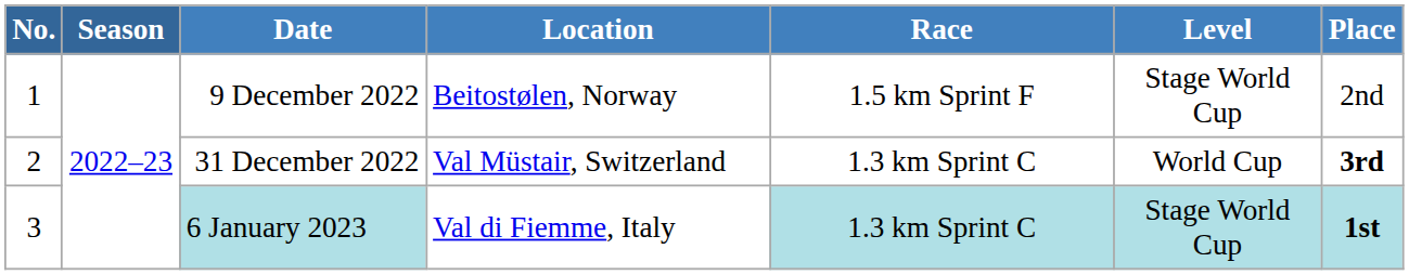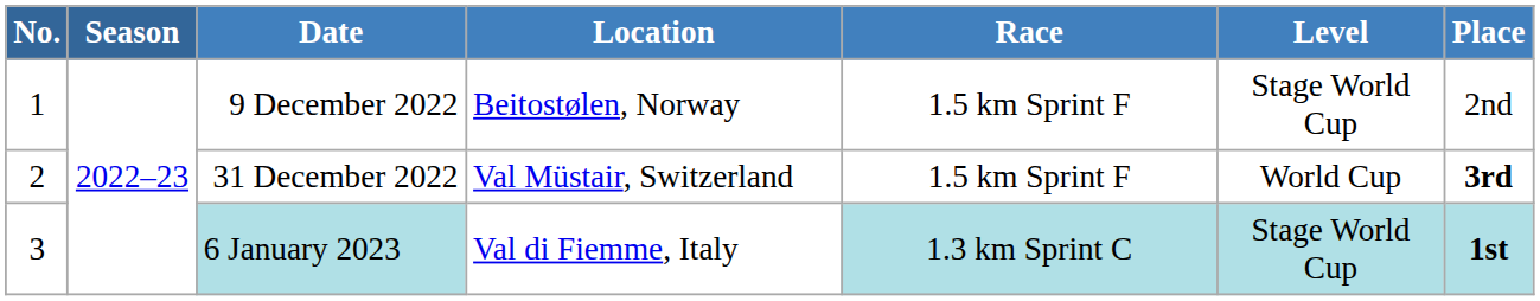 <table class="wikitable sortable" style="font-size:95%; text-align:center; border:grey solid 1px; border-collapse:collapse; background:#ffffff;">
 <tr style="background:#efefef;">
 <th style="background-color:#369; color:white;">No.</th>
 <th style="background-color:#369; color:white;">Season</th>
 <th style="background-color:#4180be; color:white; width:120px;">Date</th>
 <th style="background-color:#4180be; color:white; width:170px;">Location</th>
 <th style="background-color:#4180be; color:white; width:170px;">Race</th>
 <th style="background-color:#4180be; color:white; width:100px;">Level</th>
 <th style="background-color:#4180be; color:white;">Place</th>
 </tr>
 <tr>
 <td align=center>1</td>
 <td align=center rowspan=3><a href='#'>2022–23</a></td>
 <td align=right>9 December 2022</td>
 <td align=left> <a href='#'>Beitostølen</a>, Norway</td>
 <td>1.5 km Sprint F</td>
 <td>Stage World Cup</td>
 <td>2nd</td>
 </tr>
 <tr>
 <td align=center>2</td>
 <td align=right>31 December 2022</td>
 <td align=left> <a href='#'>Val Müstair</a>, Switzerland</td>
-<td>1.3 km Sprint C</td>
+<td>1.5 km Sprint F</td>
 <td>World Cup</td>
 <td><strong>3rd</strong></td>
 </tr>
 <tr>
 <td align=center>3</td>
 <td align=left bgcolor="#BOEOE6" align=right>6 January 2023</td>
 <td align=left> <a href='#'>Val di Fiemme</a>, Italy</td>
 <td bgcolor="#BOEOE6" align=center>1.3 km Sprint C</td>
 <td bgcolor="#BOEOE6">Stage World Cup</td>
 <td bgcolor="#BOEOE6"><strong>1st</strong></td>
 </tr>
 </table>
